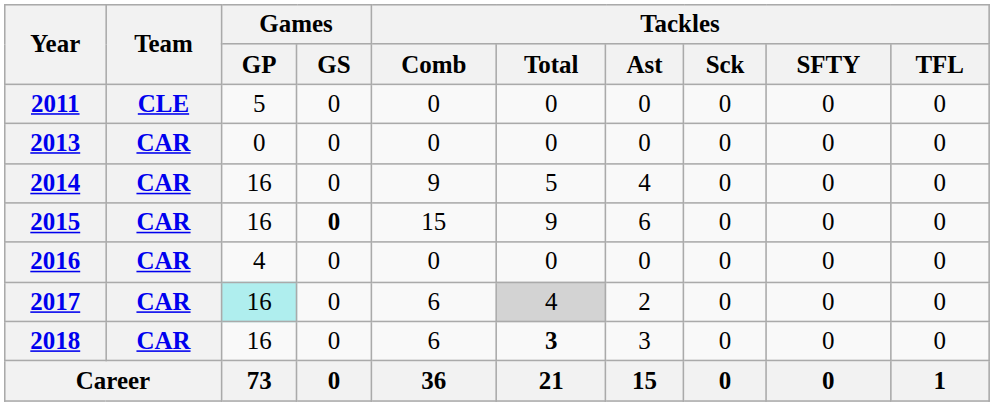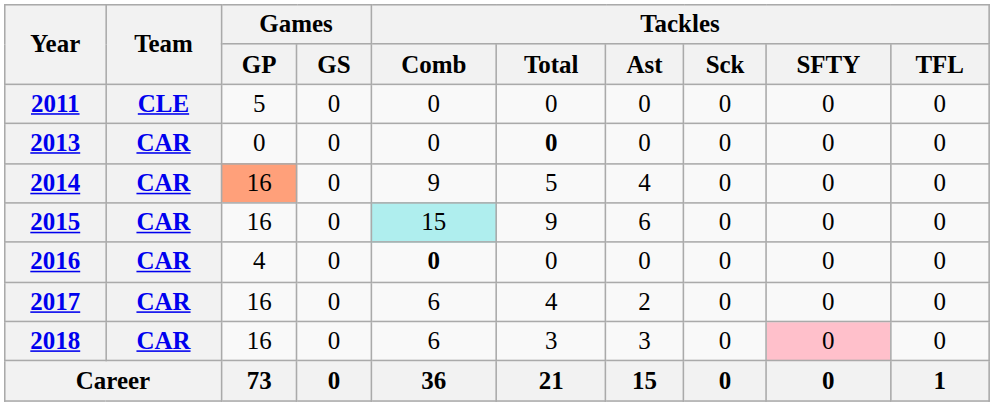 <table class="wikitable" style="text-align:center; width:50%">
 <tr>
 <th rowspan="2">Year</th>
 <th rowspan="2">Team</th>
 <th colspan="2">Games</th>
 <th colspan="6">Tackles</th>
 </tr>
 <tr>
 <th>GP</th>
 <th>GS</th>
 <th>Comb</th>
 <th>Total</th>
 <th>Ast</th>
 <th>Sck</th>
 <th>SFTY</th>
 <th>TFL</th>
 </tr>
 <tr>
 <th><a href='#'>2011</a></th>
 <th><a href='#'>CLE</a></th>
 <td>5</td>
 <td>0</td>
 <td>0</td>
 <td>0</td>
 <td>0</td>
 <td>0</td>
 <td>0</td>
 <td>0</td>
 </tr>
 <tr>
 <th><a href='#'>2013</a></th>
 <th><a href='#'>CAR</a></th>
 <td>0</td>
 <td>0</td>
 <td>0</td>
-<td>0</td>
+<td><strong>0</strong></td>
 <td>0</td>
 <td>0</td>
 <td>0</td>
 <td>0</td>
 </tr>
 <tr>
 <th><a href='#'>2014</a></th>
 <th><a href='#'>CAR</a></th>
-<td>16</td>
+<td style="background: lightsalmon;">16</td>
 <td>0</td>
 <td>9</td>
 <td>5</td>
 <td>4</td>
 <td>0</td>
 <td>0</td>
 <td>0</td>
 </tr>
 <tr>
 <th><a href='#'>2015</a></th>
 <th><a href='#'>CAR</a></th>
 <td>16</td>
-<td><strong>0</strong></td>
-<td>15</td>
+<td>0</td>
+<td style="background: paleturquoise;">15</td>
 <td>9</td>
 <td>6</td>
 <td>0</td>
 <td>0</td>
 <td>0</td>
 </tr>
 <tr>
 <th><a href='#'>2016</a></th>
 <th><a href='#'>CAR</a></th>
 <td>4</td>
 <td>0</td>
-<td>0</td>
+<td><strong>0</strong></td>
 <td>0</td>
 <td>0</td>
 <td>0</td>
 <td>0</td>
 <td>0</td>
 </tr>
 <tr>
 <th><a href='#'>2017</a></th>
 <th><a href='#'>CAR</a></th>
-<td style="background: paleturquoise;">16</td>
+<td>16</td>
 <td>0</td>
 <td>6</td>
-<td style="background: lightgrey;">4</td>
+<td>4</td>
 <td>2</td>
 <td>0</td>
 <td>0</td>
 <td>0</td>
 </tr>
 <tr>
 <th><a href='#'>2018</a></th>
 <th><a href='#'>CAR</a></th>
 <td>16</td>
 <td>0</td>
 <td>6</td>
-<td><strong>3</strong></td>
+<td>3</td>
 <td>3</td>
 <td>0</td>
-<td>0</td>
+<td style="background: pink;">0</td>
 <td>0</td>
 </tr>
 <tr>
 <th colspan="2">Career</th>
 <th>73</th>
 <th>0</th>
 <th>36</th>
 <th>21</th>
 <th>15</th>
 <th>0</th>
 <th>0</th>
 <th>1</th>
 </tr>
 </table>
